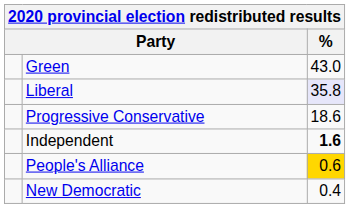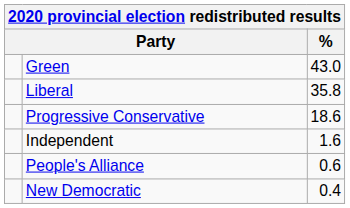 <table class="wikitable">
 <tr>
 <th colspan="4"><a href='#'>2020 provincial election</a> redistributed results</th>
 </tr>
 <tr>
 <th bgcolor="#DDDDFF" width="130px" colspan="2">Party</th>
 <th bgcolor="#DDDDFF" width="30px">%</th>
 </tr>
 <tr>
 <td> </td>
 <td><a href='#'>Green</a></td>
 <td align=right>43.0</td>
 </tr>
 <tr>
 <td> </td>
 <td><a href='#'>Liberal</a></td>
-<td align=right style="background: lavender;">35.8</td>
+<td align=right>35.8</td>
 </tr>
 <tr>
 <td> </td>
 <td><a href='#'>Progressive Conservative</a></td>
 <td align=right>18.6</td>
 </tr>
 <tr>
 <td> </td>
 <td>Independent</td>
-<td align=right><strong>1.6</strong></td>
+<td align=right>1.6</td>
 </tr>
 <tr>
 <td> </td>
 <td><a href='#'>People's Alliance</a></td>
-<td align=right style="background: gold;">0.6</td>
+<td align=right>0.6</td>
 </tr>
 <tr>
 <td> </td>
 <td><a href='#'>New Democratic</a></td>
 <td align=right>0.4</td>
 </tr>
 </table>
